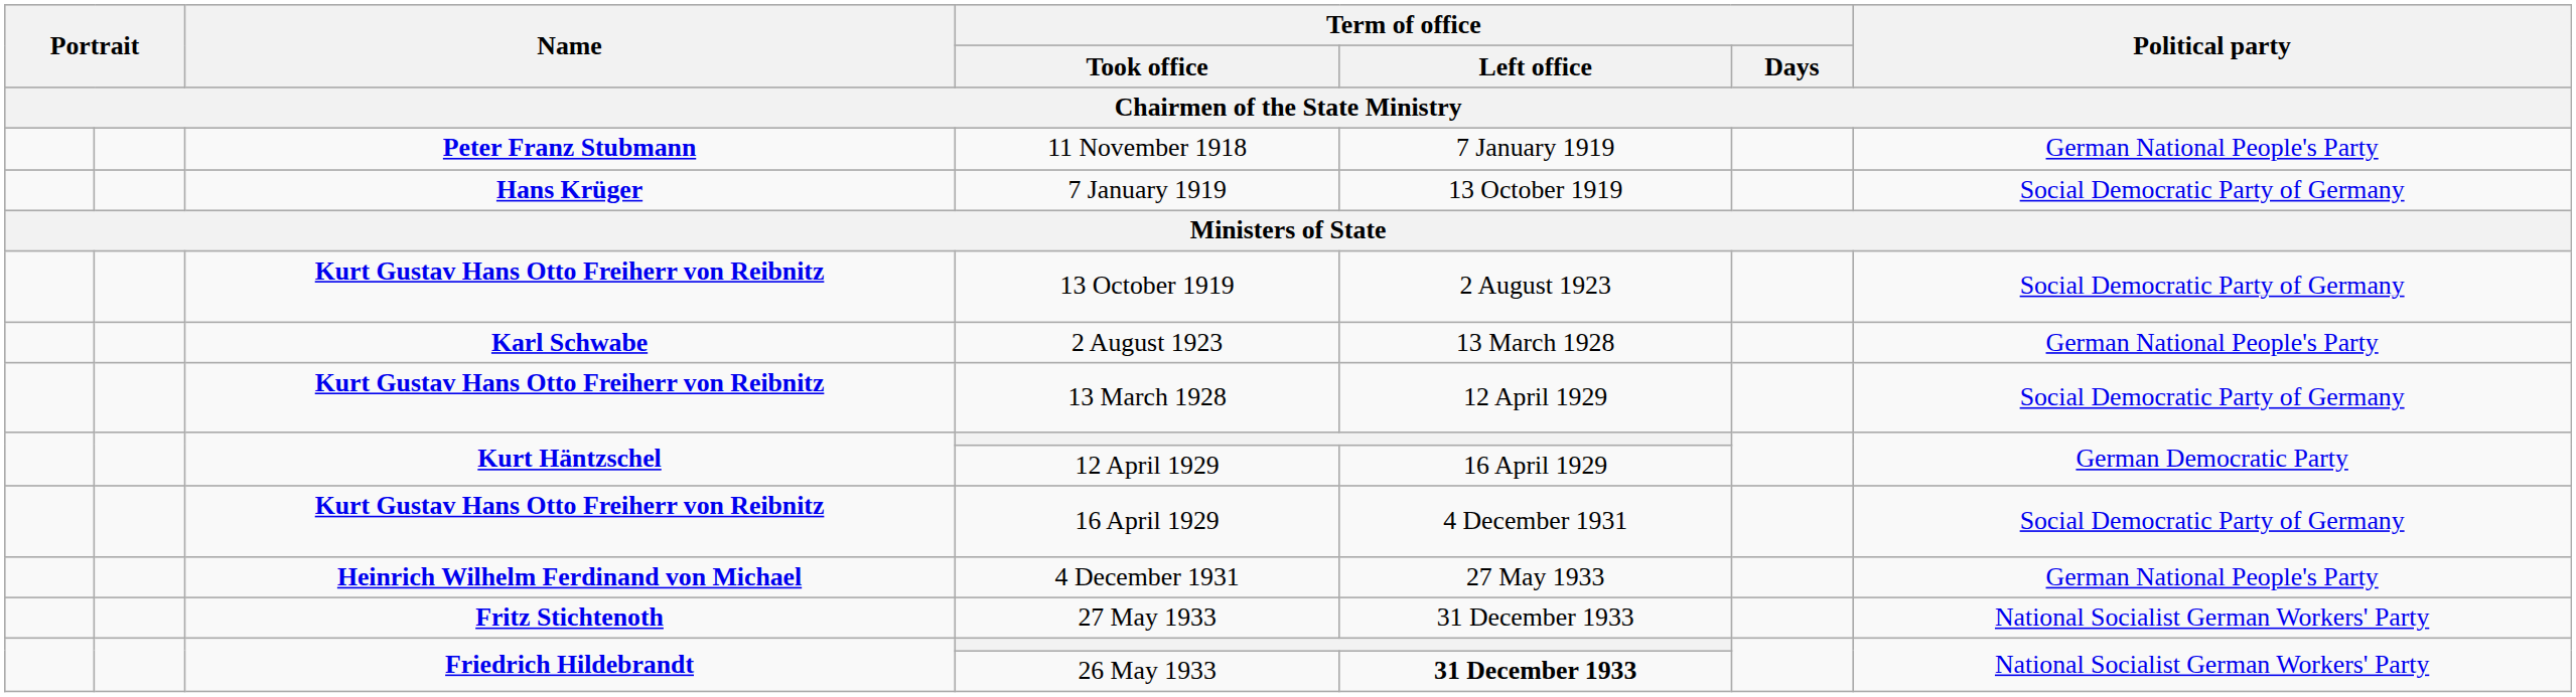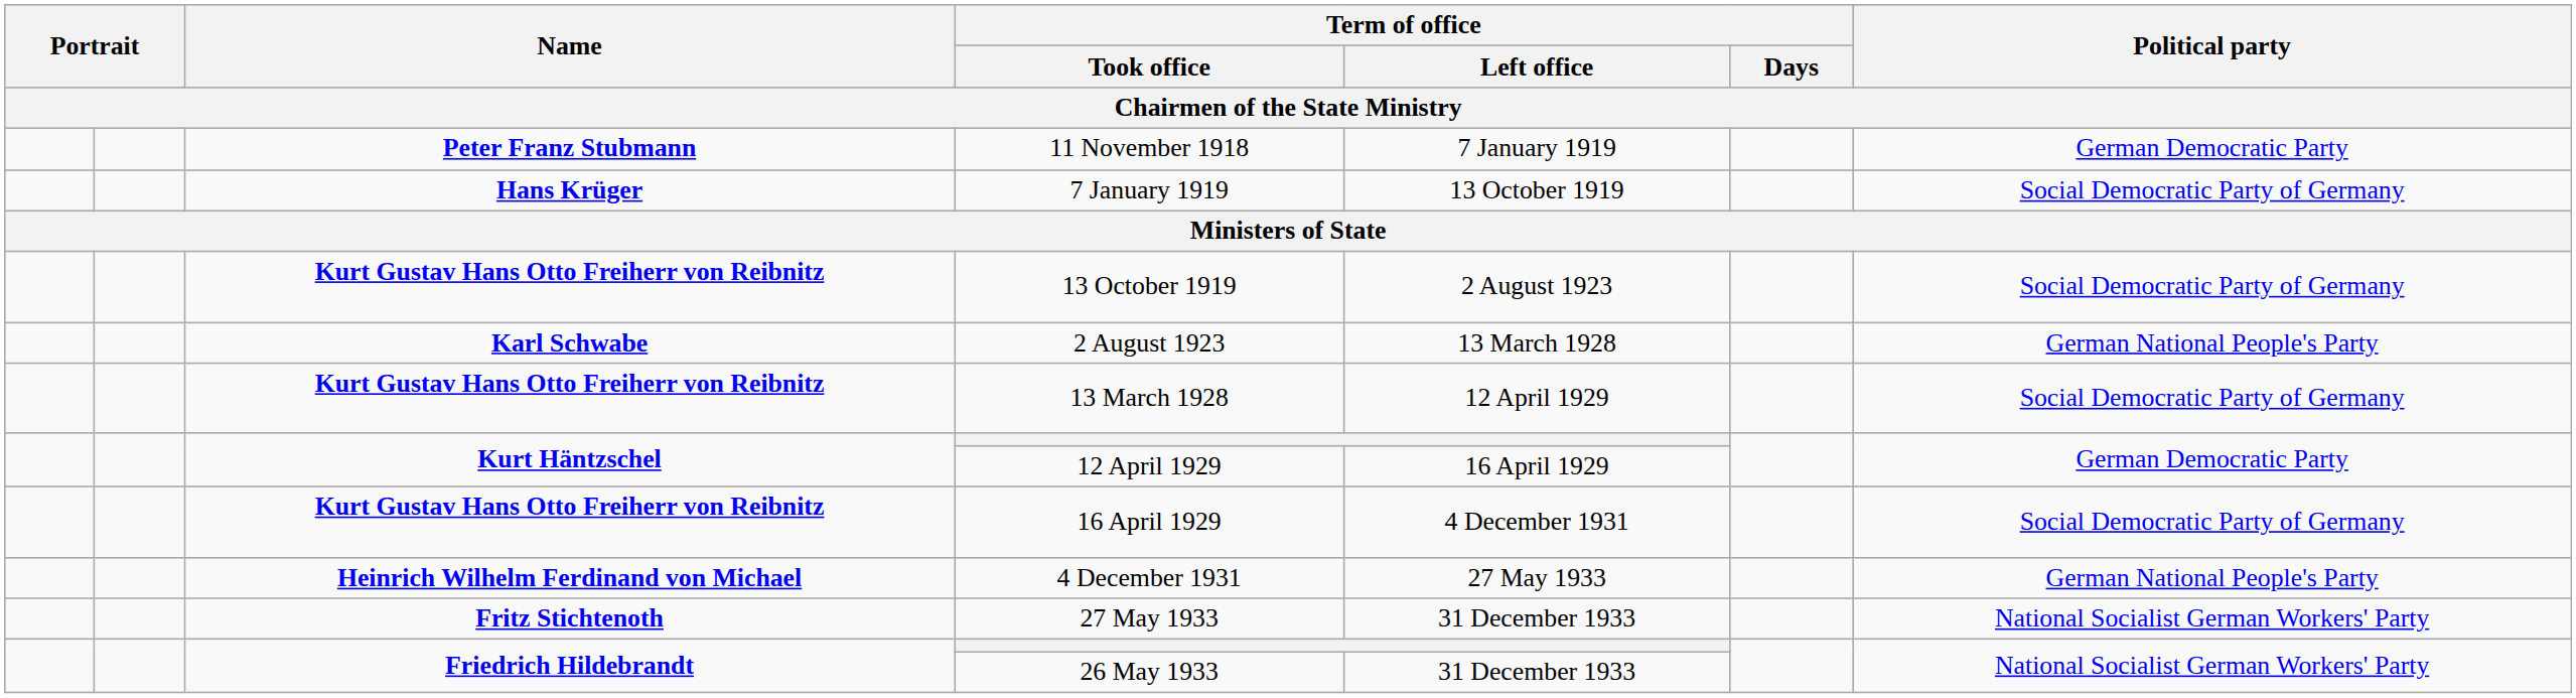 <table class="wikitable" style="text-align:center; width:100%; border:1px #AAAAFF solid">
 <tr>
 <th width=80px rowspan=2 colspan=2>Portrait</th>
 <th width=30% rowspan=2>Name<br></th>
 <th width=35% colspan=3>Term of office</th>
 <th width=28% rowspan=2>Political party</th>
 </tr>
 <tr>
 <th>Took office</th>
 <th>Left office</th>
 <th>Days</th>
 </tr>
 <tr>
 <th colspan="7">Chairmen of the State Ministry</th>
 </tr>
 <tr>
 <td style="background:"></td>
 <td></td>
 <td><strong><a href='#'>Peter Franz Stubmann</a></strong><br></td>
 <td>11 November 1918</td>
 <td>7 January 1919</td>
 <td></td>
-<td><a href='#'>German National People's Party</a></td>
+<td><a href='#'>German Democratic Party</a></td>
 </tr>
 <tr>
 <td style="background:"></td>
 <td></td>
 <td><strong><a href='#'>Hans Krüger</a></strong><br></td>
 <td>7 January 1919</td>
 <td>13 October 1919</td>
 <td></td>
 <td><a href='#'>Social Democratic Party of Germany</a></td>
 </tr>
 <tr>
 <th colspan="7">Ministers of State</th>
 </tr>
 <tr>
 <td style="background:"></td>
 <td></td>
 <td><strong><a href='#'>Kurt Gustav Hans Otto Freiherr von Reibnitz</a></strong><br><br></td>
 <td>13 October 1919</td>
 <td>2 August 1923</td>
 <td></td>
 <td><a href='#'>Social Democratic Party of Germany</a></td>
 </tr>
 <tr>
 <td style="background:"></td>
 <td></td>
 <td><strong><a href='#'>Karl Schwabe</a></strong><br></td>
 <td>2 August 1923</td>
 <td>13 March 1928</td>
 <td></td>
 <td><a href='#'>German National People's Party</a></td>
 </tr>
 <tr>
 <td style="background:"></td>
 <td></td>
 <td><strong><a href='#'>Kurt Gustav Hans Otto Freiherr von Reibnitz</a></strong><br><br></td>
 <td>13 March 1928</td>
 <td>12 April 1929</td>
 <td></td>
 <td><a href='#'>Social Democratic Party of Germany</a></td>
 </tr>
 <tr>
 <td rowspan="2" style="background:"></td>
 <td rowspan="2"></td>
 <td rowspan="2"><strong><a href='#'>Kurt Häntzschel</a></strong><br></td>
 <th colspan="2"></th>
 <td rowspan="2"></td>
 <td rowspan="2"><a href='#'>German Democratic Party</a></td>
 </tr>
 <tr>
 <td>12 April 1929</td>
 <td>16 April 1929</td>
 </tr>
 <tr>
 <td style="background:"></td>
 <td></td>
 <td><strong><a href='#'>Kurt Gustav Hans Otto Freiherr von Reibnitz</a></strong><br><br></td>
 <td>16 April 1929</td>
 <td>4 December 1931</td>
 <td></td>
 <td><a href='#'>Social Democratic Party of Germany</a></td>
 </tr>
 <tr>
 <td style="background:"></td>
 <td></td>
 <td><strong><a href='#'>Heinrich Wilhelm Ferdinand von Michael</a></strong><br></td>
 <td>4 December 1931</td>
 <td>27 May 1933</td>
 <td></td>
 <td><a href='#'>German National People's Party</a></td>
 </tr>
 <tr>
 <td style="background:"></td>
 <td></td>
 <td><strong><a href='#'>Fritz Stichtenoth</a></strong><br></td>
 <td>27 May 1933</td>
 <td>31 December 1933</td>
 <td></td>
 <td><a href='#'>National Socialist German Workers' Party</a></td>
 </tr>
 <tr>
 <td rowspan="2" style="background:"></td>
 <td rowspan="2"></td>
 <td rowspan="2"><strong><a href='#'>Friedrich Hildebrandt</a></strong><br></td>
 <th colspan="2"></th>
 <td rowspan="2"></td>
 <td rowspan="2"><a href='#'>National Socialist German Workers' Party</a></td>
 </tr>
 <tr>
 <td>26 May 1933</td>
-<td><strong>31 December 1933</strong></td>
+<td>31 December 1933</td>
 </tr>
 </table>
